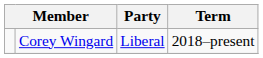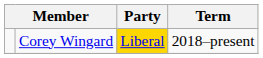 <table class="wikitable">
 <tr>
 <th colspan="2">Member</th>
 <th>Party</th>
 <th>Term</th>
 </tr>
 <tr>
 <td> </td>
 <td><a href='#'>Corey Wingard</a></td>
-<td><a href='#'>Liberal</a></td>
+<td style="background: gold;"><a href='#'>Liberal</a></td>
 <td>2018–present</td>
 </tr>
 <tr>
 </tr>
 </table>
